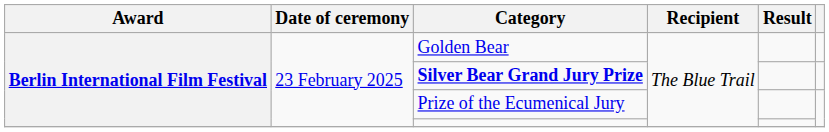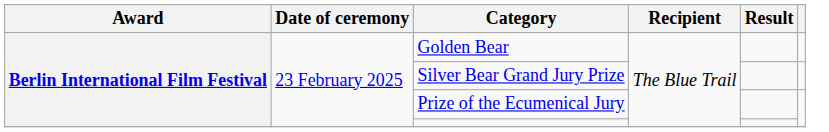 <table class="wikitable sortable plainrowheaders">
 <tr>
 <th>Award</th>
 <th>Date of ceremony</th>
 <th>Category</th>
 <th>Recipient</th>
 <th>Result</th>
 <th></th>
 </tr>
 <tr>
 <th scope="row" rowspan="4"><a href='#'>Berlin International Film Festival</a></th>
 <td rowspan="4"><a href='#'>23 February 2025</a></td>
 <td><a href='#'>Golden Bear</a></td>
 <td rowspan="4"><em>The Blue Trail</em></td>
 <td></td>
 <td align="center"></td>
 </tr>
 <tr>
-<td><strong><a href='#'>Silver Bear Grand Jury Prize</a></strong></td>
+<td><a href='#'>Silver Bear Grand Jury Prize</a></td>
 <td></td>
 <td align="center"></td>
 </tr>
 <tr>
 <td><a href='#'>Prize of the Ecumenical Jury</a></td>
 <td></td>
 <td align="center" rowspan="2"></td>
 </tr>
 <tr>
 <td></td>
 <td></td>
 </tr>
 <tr>
 </tr>
 </table>
